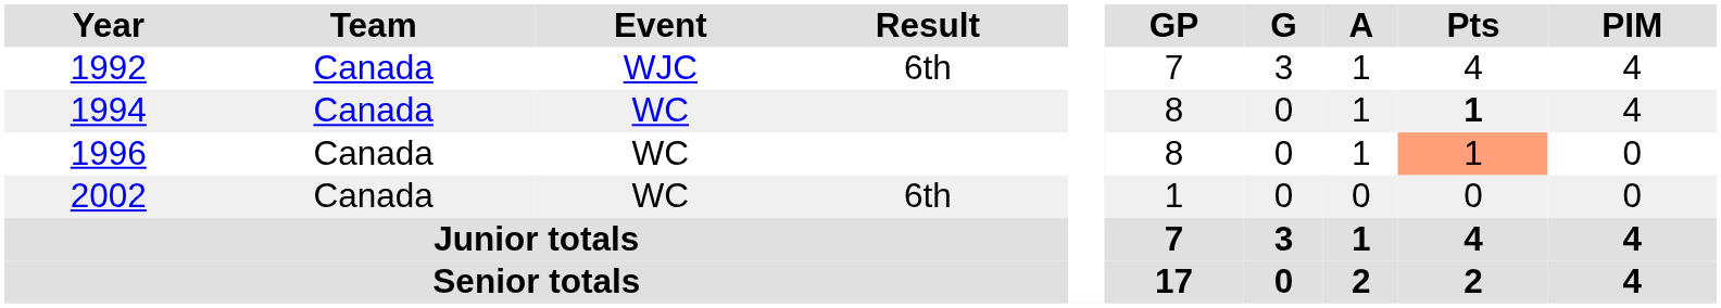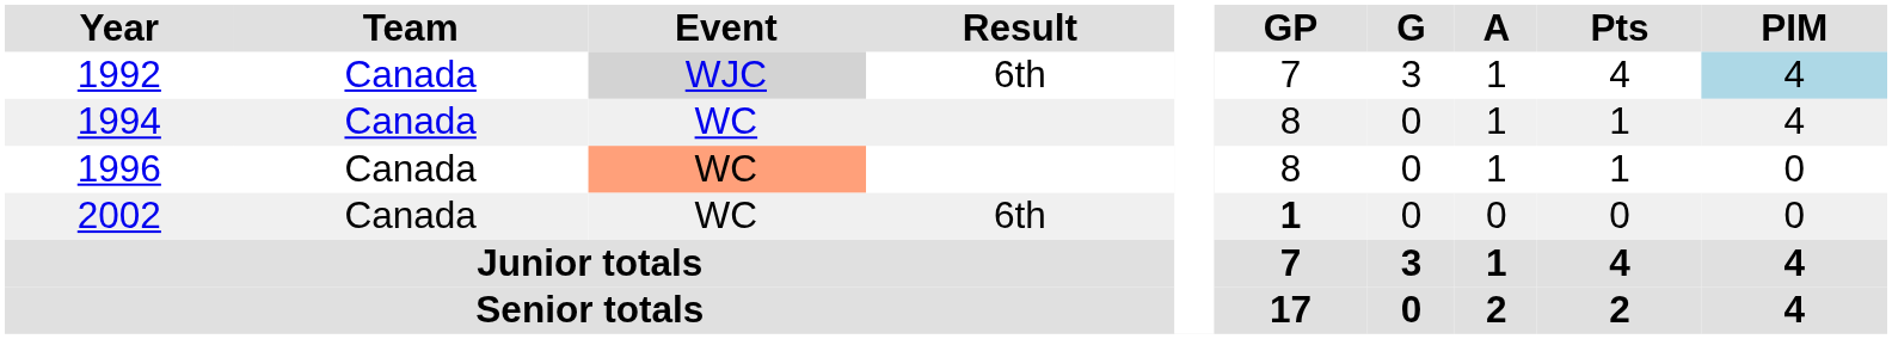 <table border="0" cellpadding="1" cellspacing="0" style="text-align:center; width:50em">
 <tr ALIGN="center" bgcolor="#e0e0e0">
 <th>Year</th>
 <th>Team</th>
 <th>Event</th>
 <th>Result</th>
 <th rowspan="99" bgcolor="#ffffff"> </th>
 <th>GP</th>
 <th>G</th>
 <th>A</th>
 <th>Pts</th>
 <th>PIM</th>
 </tr>
 <tr>
 <td><a href='#'>1992</a></td>
 <td><a href='#'>Canada</a></td>
-<td><a href='#'>WJC</a></td>
+<td style="background: lightgrey;"><a href='#'>WJC</a></td>
 <td>6th</td>
 <td>7</td>
 <td>3</td>
 <td>1</td>
 <td>4</td>
-<td>4</td>
+<td style="background: lightblue;">4</td>
 </tr>
 <tr bgcolor="#f0f0f0">
 <td><a href='#'>1994</a></td>
 <td><a href='#'>Canada</a></td>
 <td><a href='#'>WC</a></td>
 <td></td>
 <td>8</td>
 <td>0</td>
 <td>1</td>
-<td><strong>1</strong></td>
+<td>1</td>
 <td>4</td>
 </tr>
 <tr>
 <td><a href='#'>1996</a></td>
 <td>Canada</td>
-<td>WC</td>
+<td style="background: lightsalmon;">WC</td>
 <td></td>
 <td>8</td>
 <td>0</td>
 <td>1</td>
-<td style="background: lightsalmon;">1</td>
+<td>1</td>
 <td>0</td>
 </tr>
 <tr bgcolor="#f0f0f0">
 <td><a href='#'>2002</a></td>
 <td>Canada</td>
 <td>WC</td>
 <td>6th</td>
-<td>1</td>
+<td><strong>1</strong></td>
 <td>0</td>
 <td>0</td>
 <td>0</td>
 <td>0</td>
 </tr>
 <tr bgcolor="#e0e0e0">
 <th colspan="4">Junior totals</th>
 <th>7</th>
 <th>3</th>
 <th>1</th>
 <th>4</th>
 <th>4</th>
 </tr>
 <tr bgcolor="#e0e0e0">
 <th colspan="4">Senior totals</th>
 <th>17</th>
 <th>0</th>
 <th>2</th>
 <th>2</th>
 <th>4</th>
 </tr>
 </table>
